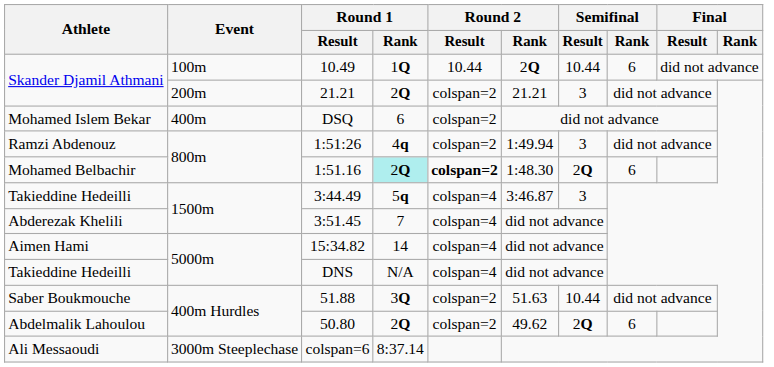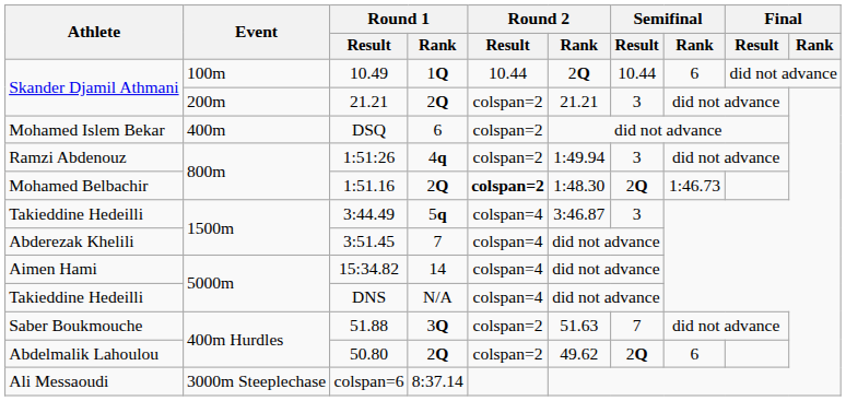 <table class="wikitable" style="font-size:90%">
 <tr>
 <th rowspan="2">Athlete</th>
 <th rowspan="2">Event</th>
 <th colspan="2">Round 1</th>
 <th colspan="2">Round 2</th>
 <th colspan="2">Semifinal</th>
 <th colspan="2">Final</th>
 </tr>
 <tr style="font-size:95%">
 <th>Result</th>
 <th>Rank</th>
 <th>Result</th>
 <th>Rank</th>
 <th>Result</th>
 <th>Rank</th>
 <th>Result</th>
 <th>Rank</th>
 </tr>
 <tr align=center>
 <td align=left rowspan=2><a href='#'>Skander Djamil Athmani</a></td>
 <td align=left>100m</td>
 <td>10.49</td>
 <td>1<strong>Q</strong></td>
 <td>10.44</td>
 <td>2<strong>Q</strong></td>
 <td>10.44</td>
 <td>6</td>
 <td colspan=2>did not advance</td>
 </tr>
 <tr align=center>
 <td align=left>200m</td>
 <td>21.21</td>
 <td>2<strong>Q</strong></td>
 <td>colspan=2 </td>
 <td>21.21</td>
 <td>3</td>
 <td colspan=2>did not advance</td>
 </tr>
 <tr align=center>
 <td align=left>Mohamed Islem Bekar</td>
 <td align=left>400m</td>
 <td>DSQ</td>
 <td>6</td>
 <td>colspan=2 </td>
 <td colspan=4>did not advance</td>
 </tr>
 <tr align=center>
 <td align=left>Ramzi Abdenouz</td>
 <td align=left rowspan=2>800m</td>
 <td>1:51:26</td>
 <td>4<strong>q</strong></td>
 <td>colspan=2 </td>
 <td>1:49.94</td>
 <td>3</td>
 <td colspan=2>did not advance</td>
 </tr>
 <tr align=center>
 <td align=left>Mohamed Belbachir</td>
 <td>1:51.16</td>
-<td style="background: paleturquoise;">2<strong>Q</strong></td>
+<td>2<strong>Q</strong></td>
 <td><strong>colspan=2 </strong></td>
 <td>1:48.30</td>
 <td>2<strong>Q</strong></td>
-<td>6</td>
+<td>1:46.73</td>
 <td></td>
 </tr>
 <tr align=center>
 <td align=left>Takieddine Hedeilli</td>
 <td align=left rowspan=2>1500m</td>
 <td>3:44.49</td>
 <td>5<strong>q</strong></td>
 <td>colspan=4 </td>
 <td>3:46.87</td>
 <td>3</td>
 </tr>
 <tr align=center>
 <td align=left>Abderezak Khelili</td>
 <td>3:51.45</td>
 <td>7</td>
 <td>colspan=4 </td>
 <td colspan=2>did not advance</td>
 </tr>
 <tr align=center>
 <td align=left>Aimen Hami</td>
 <td align=left rowspan=2>5000m</td>
 <td>15:34.82</td>
 <td>14</td>
 <td>colspan=4 </td>
 <td colspan=2>did not advance</td>
 </tr>
 <tr align=center>
 <td align=left>Takieddine Hedeilli</td>
 <td>DNS</td>
 <td>N/A</td>
 <td>colspan=4 </td>
 <td colspan=2>did not advance</td>
 </tr>
 <tr align=center>
 <td align=left>Saber Boukmouche</td>
 <td align=left rowspan=2>400m Hurdles</td>
 <td>51.88</td>
 <td>3<strong>Q</strong></td>
 <td>colspan=2 </td>
 <td>51.63</td>
-<td>10.44</td>
+<td>7</td>
 <td colspan=2>did not advance</td>
 </tr>
 <tr align=center>
 <td align=left>Abdelmalik Lahoulou</td>
 <td>50.80</td>
 <td>2<strong>Q</strong></td>
 <td>colspan=2 </td>
 <td>49.62</td>
 <td>2<strong>Q</strong></td>
 <td>6</td>
 <td></td>
 </tr>
 <tr align=center>
 <td align=left>Ali Messaoudi</td>
 <td>3000m Steeplechase</td>
 <td>colspan=6 </td>
 <td>8:37.14</td>
 <td></td>
 </tr>
 </table>
